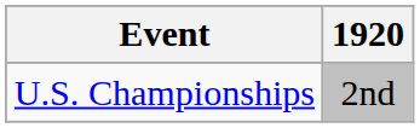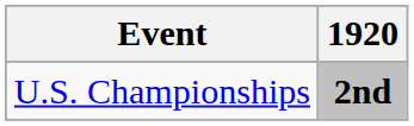 <table class="wikitable">
 <tr>
 <th>Event</th>
 <th>1920</th>
 </tr>
 <tr>
 <td><a href='#'>U.S. Championships</a></td>
-<td align="center" bgcolor="silver">2nd</td>
+<td align="center" bgcolor="silver"><strong>2nd</strong></td>
 </tr>
 </table>
